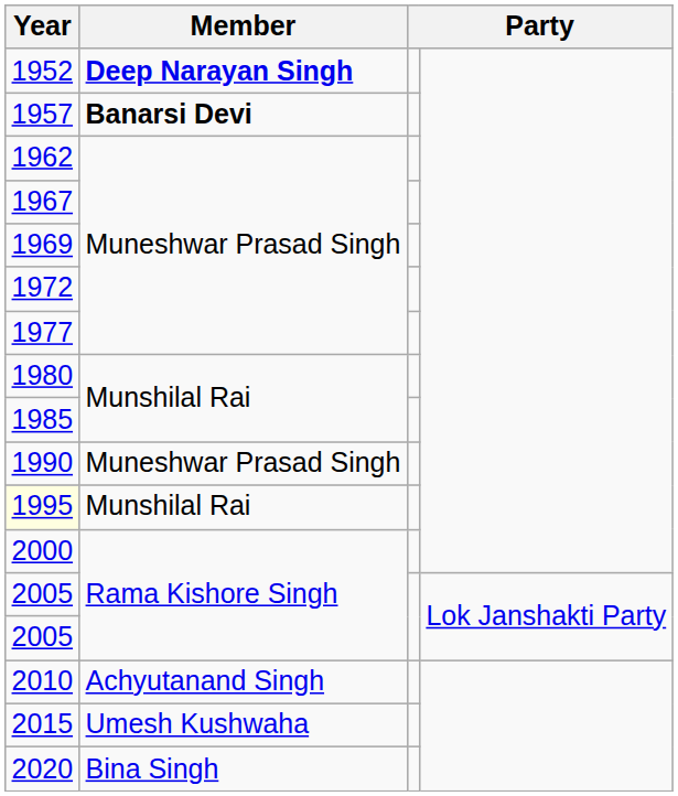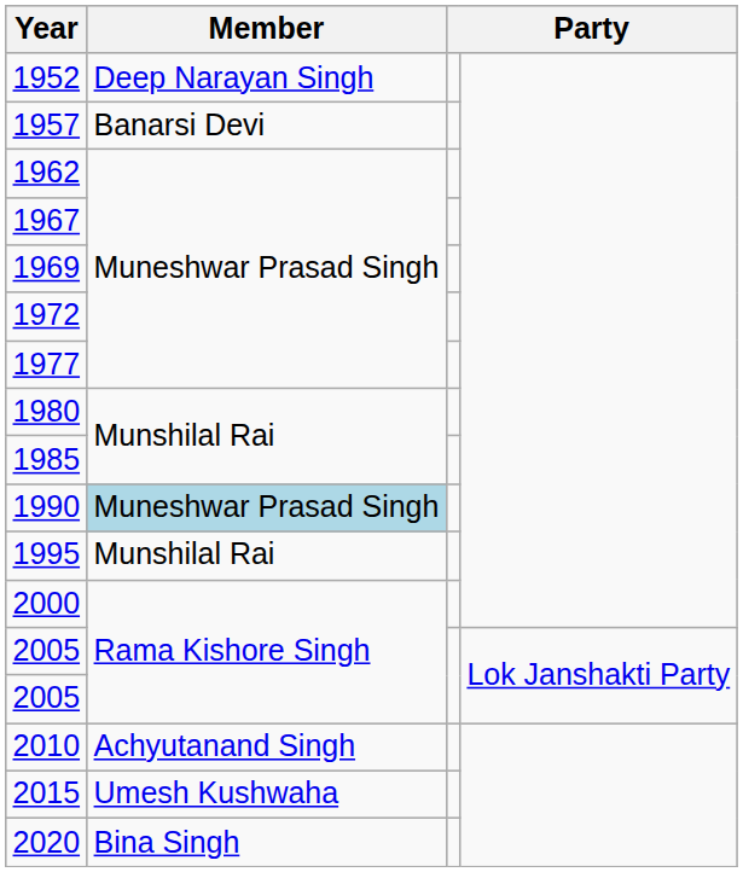 <table class="wikitable sortable">
 <tr>
 <th>Year</th>
 <th>Member</th>
 <th colspan="2">Party</th>
 </tr>
 <tr>
 <td><a href='#'>1952</a></td>
-<td><strong><a href='#'>Deep Narayan Singh</a></strong></td>
+<td><a href='#'>Deep Narayan Singh</a></td>
 <td></td>
 </tr>
 <tr>
 <td><a href='#'>1957</a></td>
-<td><strong>Banarsi Devi</strong></td>
+<td>Banarsi Devi</td>
 <td></td>
 </tr>
 <tr>
 <td><a href='#'>1962</a></td>
 <td rowspan="5">Muneshwar Prasad Singh</td>
 <td></td>
 </tr>
 <tr>
 <td><a href='#'>1967</a></td>
 <td></td>
 </tr>
 <tr>
 <td><a href='#'>1969</a></td>
 <td></td>
 </tr>
 <tr>
 <td><a href='#'>1972</a></td>
 <td></td>
 </tr>
 <tr>
 <td><a href='#'>1977</a></td>
 <td></td>
 </tr>
 <tr>
 <td><a href='#'>1980</a></td>
 <td rowspan="2">Munshilal Rai</td>
 <td></td>
 </tr>
 <tr>
 <td><a href='#'>1985</a></td>
 <td></td>
 </tr>
 <tr>
 <td><a href='#'>1990</a></td>
-<td>Muneshwar Prasad Singh</td>
+<td style="background: lightblue;">Muneshwar Prasad Singh</td>
 <td></td>
 </tr>
 <tr>
-<td style="background: lightyellow;"><a href='#'>1995</a></td>
+<td><a href='#'>1995</a></td>
 <td>Munshilal Rai</td>
 <td></td>
 </tr>
 <tr>
 <td><a href='#'>2000</a></td>
 <td rowspan="3"><a href='#'>Rama Kishore Singh</a></td>
 <td></td>
 </tr>
 <tr>
 <td><a href='#'>2005</a></td>
 <td rowspan="2" style="background-color:"></td>
 <td rowspan="2"><a href='#'>Lok Janshakti Party</a></td>
 </tr>
 <tr>
 <td><a href='#'>2005</a></td>
 </tr>
 <tr>
 <td><a href='#'>2010</a></td>
 <td><a href='#'>Achyutanand Singh</a></td>
 <td></td>
 </tr>
 <tr>
 <td><a href='#'>2015</a></td>
 <td><a href='#'>Umesh Kushwaha</a></td>
 <td></td>
 </tr>
 <tr>
 <td><a href='#'>2020</a></td>
 <td><a href='#'>Bina Singh</a></td>
 <td></td>
 </tr>
 </table>
